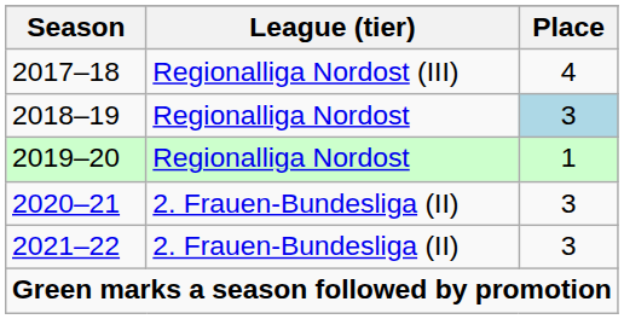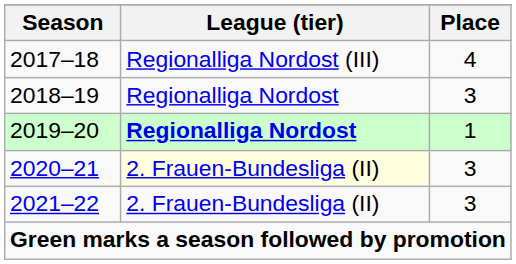 <table class="wikitable floatright" style="text-align: left;">
 <tr>
 </tr>
 <tr>
 <th>Season</th>
 <th>League (tier)</th>
 <th>Place</th>
 </tr>
 <tr>
 <td>2017–18</td>
 <td><a href='#'>Regionalliga Nordost</a> (III)</td>
 <td style="text-align: center;">4</td>
 </tr>
 <tr>
 <td>2018–19</td>
 <td><a href='#'>Regionalliga Nordost</a></td>
-<td style="background: lightblue; text-align: center;">3</td>
+<td style="text-align: center;">3</td>
 </tr>
 <tr style="background:#ccffcc;">
 <td>2019–20</td>
-<td><a href='#'>Regionalliga Nordost</a></td>
+<td><strong><a href='#'>Regionalliga Nordost</a></strong></td>
 <td style="text-align: center;">1</td>
 </tr>
 <tr>
 <td><a href='#'>2020–21</a></td>
-<td><a href='#'>2. Frauen-Bundesliga</a> (II)</td>
+<td style="background: lightyellow;"><a href='#'>2. Frauen-Bundesliga</a> (II)</td>
 <td style="text-align: center;">3</td>
 </tr>
 <tr>
 <td><a href='#'>2021–22</a></td>
 <td><a href='#'>2. Frauen-Bundesliga</a> (II)</td>
 <td style="text-align: center;">3</td>
 </tr>
 <tr>
 <td colspan=3><strong>Green marks a season followed by promotion</strong></td>
 </tr>
 </table>
